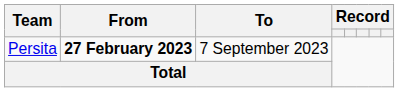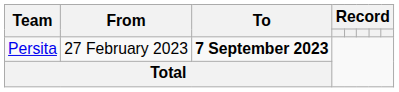 <table class=wikitable style="text-align:center">
 <tr>
 <th rowspan=2>Team</th>
 <th rowspan=2>From</th>
 <th rowspan=2>To</th>
 <th colspan=5>Record</th>
 </tr>
 <tr>
 <th></th>
 <th></th>
 <th></th>
 <th></th>
 <th></th>
 </tr>
 <tr>
 <td align=left><a href='#'>Persita</a></td>
-<td align=left><strong>27 February 2023</strong></td>
-<td align=left>7 September 2023<br></td>
+<td align=left>27 February 2023</td>
+<td align=left><strong>7 September 2023<br></strong></td>
 </tr>
 <tr>
 <th colspan=3>Total<br></th>
 </tr>
 </table>
